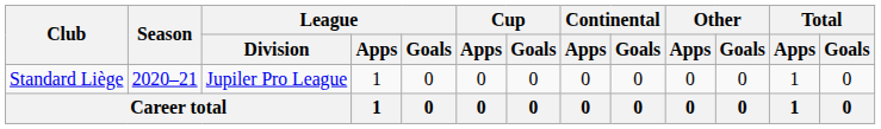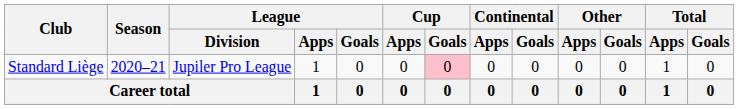 <table class="wikitable" style="text-align:center">
 <tr>
 <th rowspan="2">Club</th>
 <th rowspan="2">Season</th>
 <th colspan="3">League</th>
 <th colspan="2">Cup</th>
 <th colspan="2">Continental</th>
 <th colspan="2">Other</th>
 <th colspan="2">Total</th>
 </tr>
 <tr>
 <th>Division</th>
 <th>Apps</th>
 <th>Goals</th>
 <th>Apps</th>
 <th>Goals</th>
 <th>Apps</th>
 <th>Goals</th>
 <th>Apps</th>
 <th>Goals</th>
 <th>Apps</th>
 <th>Goals</th>
 </tr>
 <tr>
 <td><a href='#'>Standard Liège</a></td>
 <td><a href='#'>2020–21</a></td>
 <td><a href='#'>Jupiler Pro League</a></td>
 <td>1</td>
 <td>0</td>
 <td>0</td>
-<td>0</td>
+<td style="background: pink;">0</td>
 <td>0</td>
 <td>0</td>
 <td>0</td>
 <td>0</td>
 <td>1</td>
 <td>0</td>
 </tr>
 <tr>
 <th colspan="3">Career total</th>
 <th>1</th>
 <th>0</th>
 <th>0</th>
 <th>0</th>
 <th>0</th>
 <th>0</th>
 <th>0</th>
 <th>0</th>
 <th>1</th>
 <th>0</th>
 </tr>
 </table>
